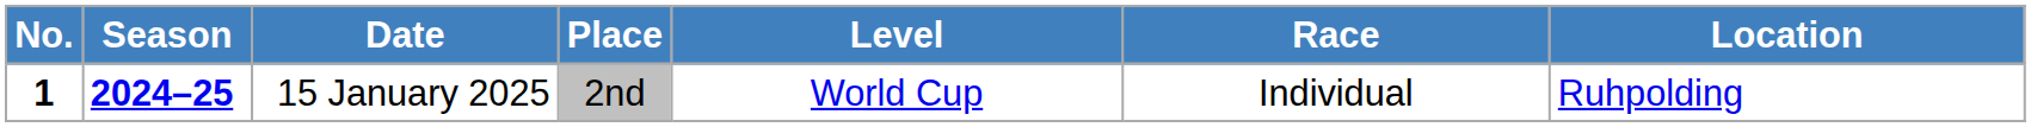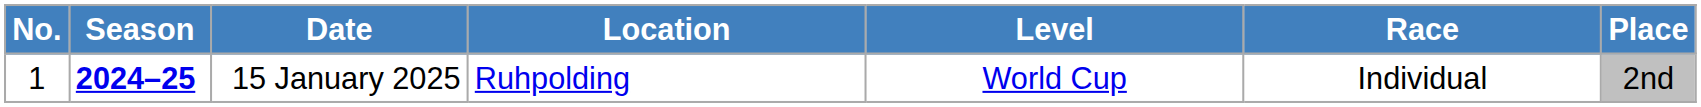 <table class="wikitable sortable" style="font-size:95%; text-align:center; border:grey solid 1px; border-collapse:collapse; background:#ffffff;">
 <tr style="background:#efefef;">
 <th style="background-color:#4180be; color:white;">No.</th>
 <th style="background-color:#4180be; color:white;">Season</th>
 <th style="background-color:#4180be; color:white; width:120px;">Date</th>
-<th style="background-color:#4180be; color:white;">Place</th>
+<th style="background-color:#4180be; color:white; width:190px;">Location</th>
 <th style="background-color:#4180be; color:white; width:180px;">Level</th>
 <th style="background-color:#4180be; color:white; width:170px;">Race</th>
-<th style="background-color:#4180be; color:white; width:190px;">Location</th>
+<th style="background-color:#4180be; color:white;">Place</th>
 </tr>
 <tr>
-<td align=center><strong>1</strong></td>
+<td align=center>1</td>
 <td rowspan="1" align="center"><strong><a href='#'>2024–25</a> </strong></td>
 <td align=right>15 January 2025</td>
-<td align=center bgcolor="silver">2nd</td>
+<td align=left> <a href='#'>Ruhpolding</a></td>
 <td><a href='#'>World Cup</a></td>
 <td>Individual</td>
-<td align=left> <a href='#'>Ruhpolding</a></td>
+<td align=center bgcolor="silver">2nd</td>
 </tr>
 </table>
